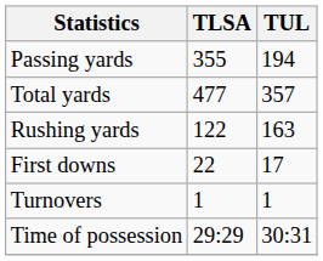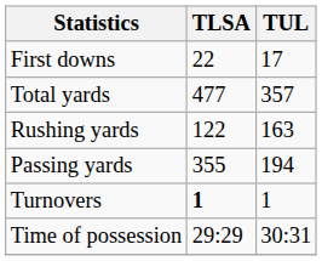 <table class="wikitable" style="float: left;">
 <tr>
 <th>Statistics</th>
 <th>TLSA</th>
 <th>TUL</th>
 </tr>
 <tr>
-<td>Passing yards</td>
-<td>355</td>
-<td>194</td>
+<td>First downs</td>
+<td>22</td>
+<td>17</td>
 </tr>
 <tr>
 <td>Total yards</td>
 <td>477</td>
 <td>357</td>
 </tr>
 <tr>
 <td>Rushing yards</td>
 <td>122</td>
 <td>163</td>
 </tr>
 <tr>
-<td>First downs</td>
-<td>22</td>
-<td>17</td>
+<td>Passing yards</td>
+<td>355</td>
+<td>194</td>
 </tr>
 <tr>
 <td>Turnovers</td>
-<td>1</td>
+<td><strong>1</strong></td>
 <td>1</td>
 </tr>
 <tr>
 <td>Time of possession</td>
 <td>29:29</td>
 <td>30:31</td>
 </tr>
 <tr>
 </tr>
 </table>
